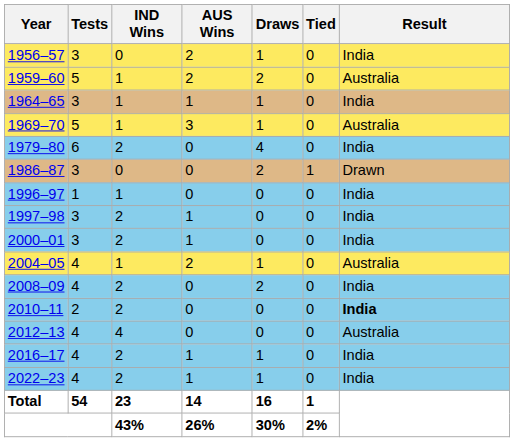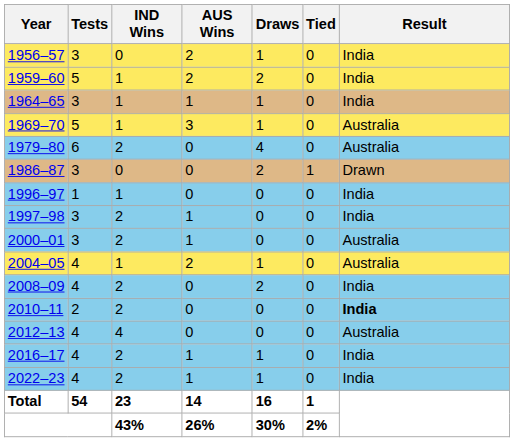 <table class="wikitable">
 <tr style="background:#efefef;">
 <th>Year</th>
 <th>Tests</th>
 <th style="width: 70px;">IND Wins</th>
 <th style="width: 70px;">AUS Wins</th>
 <th>Draws</th>
 <th>Tied</th>
 <th style="width: 180px;">Result</th>
 </tr>
 <tr style="background:#fdea60;">
 <td><a href='#'>1956–57</a></td>
 <td>3</td>
 <td>0</td>
 <td>2</td>
 <td>1</td>
 <td>0</td>
 <td>India</td>
 </tr>
 <tr style="background:#fdea60;">
 <td><a href='#'>1959–60</a></td>
 <td>5</td>
 <td>1</td>
 <td>2</td>
 <td>2</td>
 <td>0</td>
-<td>Australia</td>
+<td>India</td>
 </tr>
 <tr style="background:#deb887">
 <td><a href='#'>1964–65</a></td>
 <td>3</td>
 <td>1</td>
 <td>1</td>
 <td>1</td>
 <td>0</td>
 <td>India</td>
 </tr>
 <tr style="background:#fdea60;">
 <td><a href='#'>1969–70</a></td>
 <td>5</td>
 <td>1</td>
 <td>3</td>
 <td>1</td>
 <td>0</td>
 <td>Australia</td>
 </tr>
 <tr style="background:skyblue;">
 <td><a href='#'>1979–80</a></td>
 <td>6</td>
 <td>2</td>
 <td>0</td>
 <td>4</td>
 <td>0</td>
-<td>India</td>
+<td>Australia</td>
 </tr>
 <tr style="background:#deb887">
 <td><a href='#'>1986–87</a></td>
 <td>3</td>
 <td>0</td>
 <td>0</td>
 <td>2</td>
 <td>1</td>
 <td>Drawn</td>
 </tr>
 <tr style="background:skyblue;">
 <td><a href='#'>1996–97</a></td>
 <td>1</td>
 <td>1</td>
 <td>0</td>
 <td>0</td>
 <td>0</td>
 <td>India</td>
 </tr>
 <tr style="background:skyblue;">
 <td><a href='#'>1997–98</a></td>
 <td>3</td>
 <td>2</td>
 <td>1</td>
 <td>0</td>
 <td>0</td>
 <td>India</td>
 </tr>
 <tr style="background:skyblue;">
 <td><a href='#'>2000–01</a></td>
 <td>3</td>
 <td>2</td>
 <td>1</td>
 <td>0</td>
 <td>0</td>
-<td>India</td>
+<td>Australia</td>
 </tr>
 <tr style="background:#fdea60;">
 <td><a href='#'>2004–05</a></td>
 <td>4</td>
 <td>1</td>
 <td>2</td>
 <td>1</td>
 <td>0</td>
 <td>Australia</td>
 </tr>
 <tr style="background:skyblue;">
 <td><a href='#'>2008–09</a></td>
 <td>4</td>
 <td>2</td>
 <td>0</td>
 <td>2</td>
 <td>0</td>
 <td>India</td>
 </tr>
 <tr style="background:skyblue;">
 <td><a href='#'>2010–11</a></td>
 <td>2</td>
 <td>2</td>
 <td>0</td>
 <td>0</td>
 <td>0</td>
 <td><strong>India</strong></td>
 </tr>
 <tr style="background:skyblue;">
 <td><a href='#'>2012–13</a></td>
 <td>4</td>
 <td>4</td>
 <td>0</td>
 <td>0</td>
 <td>0</td>
 <td>Australia</td>
 </tr>
 <tr style="background:skyblue;">
 <td><a href='#'>2016–17</a></td>
 <td>4</td>
 <td>2</td>
 <td>1</td>
 <td>1</td>
 <td>0</td>
 <td>India</td>
 </tr>
 <tr style="background:skyblue;">
 <td><a href='#'>2022–23</a></td>
 <td>4</td>
 <td>2</td>
 <td>1</td>
 <td>1</td>
 <td>0</td>
 <td>India</td>
 </tr>
 <tr style="background:white;">
 <td><strong>Total</strong></td>
 <td><strong>54</strong></td>
 <td><strong>23</strong></td>
 <td><strong>14</strong></td>
 <td><strong>16</strong></td>
 <td><strong>1</strong></td>
 <td rowspan="2"></td>
 </tr>
 <tr style="background:white;'">
 <td colspan="2"></td>
 <td><strong>43%</strong></td>
 <td><strong>26%</strong></td>
 <td><strong>30%</strong></td>
 <td><strong>2%</strong></td>
 </tr>
 </table>
